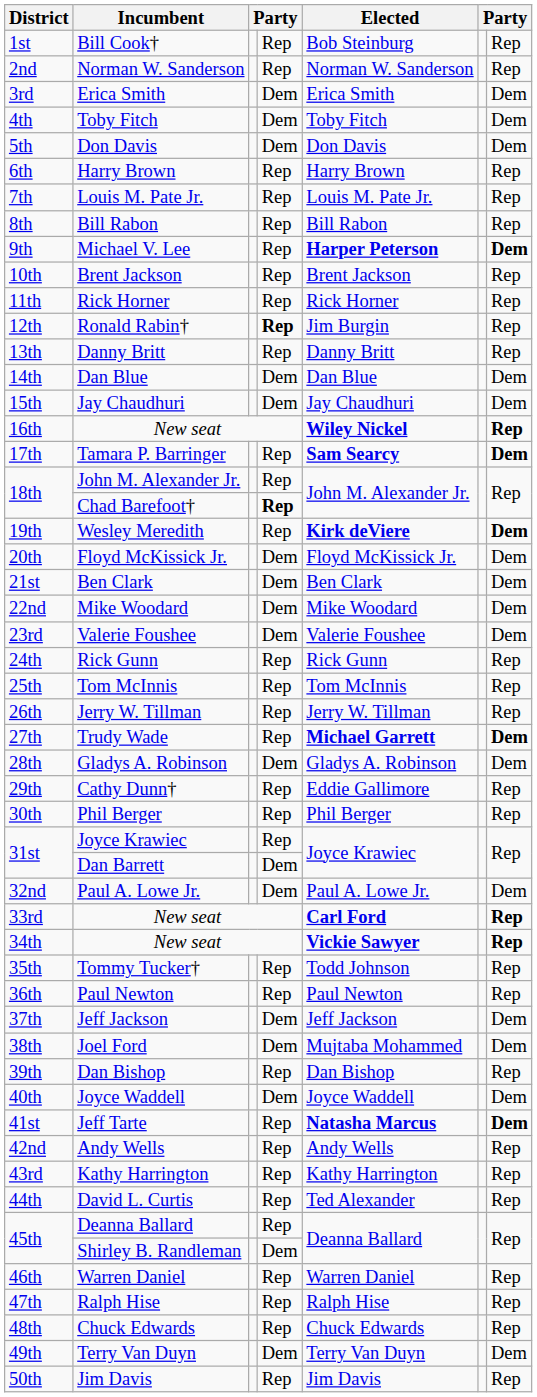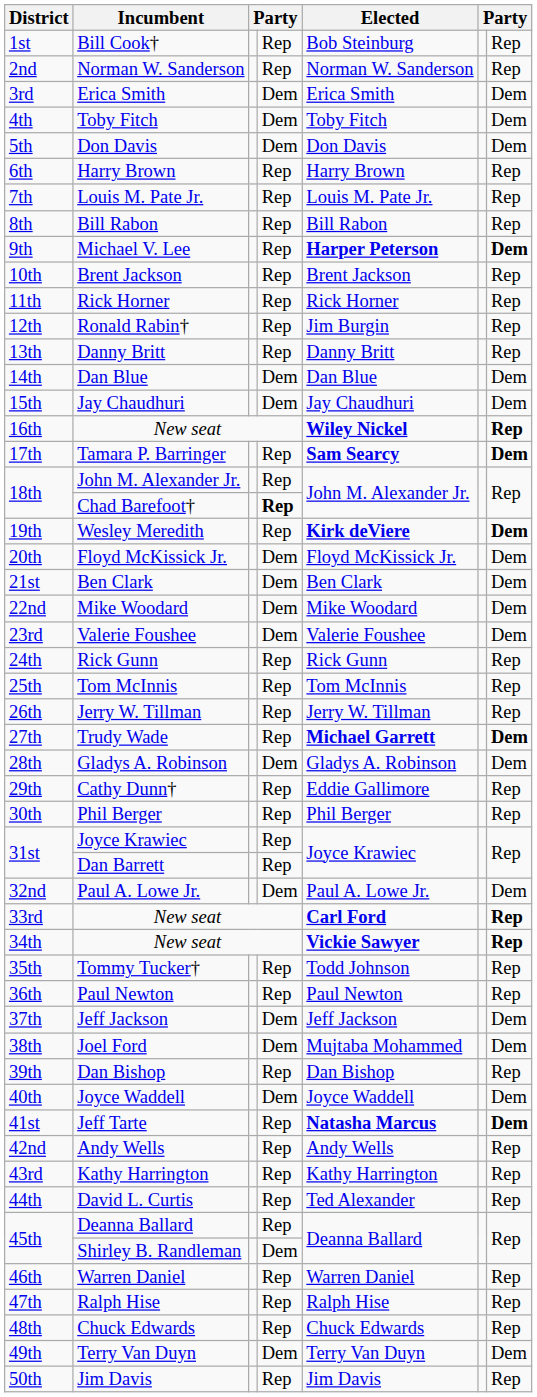 <table class="sortable wikitable" style="font-size:95%;line-height:14px;">
 <tr>
 <th class="unsortable">District</th>
 <th class="unsortable">Incumbent</th>
 <th colspan="2">Party</th>
 <th class="unsortable">Elected</th>
 <th colspan="2">Party</th>
 </tr>
 <tr>
 <td><a href='#'>1st</a></td>
 <td><a href='#'>Bill Cook</a>†</td>
 <td style="background:"></td>
 <td>Rep</td>
 <td><a href='#'>Bob Steinburg</a></td>
 <td style="background:"></td>
 <td>Rep</td>
 </tr>
 <tr>
 <td><a href='#'>2nd</a></td>
 <td><a href='#'>Norman W. Sanderson</a></td>
 <td style="background:"></td>
 <td>Rep</td>
 <td><a href='#'>Norman W. Sanderson</a></td>
 <td style="background:"></td>
 <td>Rep</td>
 </tr>
 <tr>
 <td><a href='#'>3rd</a></td>
 <td><a href='#'>Erica Smith</a></td>
 <td style="background:"></td>
 <td>Dem</td>
 <td><a href='#'>Erica Smith</a></td>
 <td style="background:"></td>
 <td>Dem</td>
 </tr>
 <tr>
 <td><a href='#'>4th</a></td>
 <td><a href='#'>Toby Fitch</a></td>
 <td style="background:"></td>
 <td>Dem</td>
 <td><a href='#'>Toby Fitch</a></td>
 <td style="background:"></td>
 <td>Dem</td>
 </tr>
 <tr>
 <td><a href='#'>5th</a></td>
 <td><a href='#'>Don Davis</a></td>
 <td style="background:"></td>
 <td>Dem</td>
 <td><a href='#'>Don Davis</a></td>
 <td style="background:"></td>
 <td>Dem</td>
 </tr>
 <tr>
 <td><a href='#'>6th</a></td>
 <td><a href='#'>Harry Brown</a></td>
 <td style="background:"></td>
 <td>Rep</td>
 <td><a href='#'>Harry Brown</a></td>
 <td style="background:"></td>
 <td>Rep</td>
 </tr>
 <tr>
 <td><a href='#'>7th</a></td>
 <td><a href='#'>Louis M. Pate Jr.</a></td>
 <td style="background:"></td>
 <td>Rep</td>
 <td><a href='#'>Louis M. Pate Jr.</a></td>
 <td style="background:"></td>
 <td>Rep</td>
 </tr>
 <tr>
 <td><a href='#'>8th</a></td>
 <td><a href='#'>Bill Rabon</a></td>
 <td style="background:"></td>
 <td>Rep</td>
 <td><a href='#'>Bill Rabon</a></td>
 <td style="background:"></td>
 <td>Rep</td>
 </tr>
 <tr>
 <td><a href='#'>9th</a></td>
 <td><a href='#'>Michael V. Lee</a></td>
 <td style="background:"></td>
 <td>Rep</td>
 <td><strong><a href='#'>Harper Peterson</a></strong></td>
 <td style="background:"></td>
 <td><strong>Dem</strong></td>
 </tr>
 <tr>
 <td><a href='#'>10th</a></td>
 <td><a href='#'>Brent Jackson</a></td>
 <td style="background:"></td>
 <td>Rep</td>
 <td><a href='#'>Brent Jackson</a></td>
 <td style="background:"></td>
 <td>Rep</td>
 </tr>
 <tr>
 <td><a href='#'>11th</a></td>
 <td><a href='#'>Rick Horner</a></td>
 <td style="background:"></td>
 <td>Rep</td>
 <td><a href='#'>Rick Horner</a></td>
 <td style="background:"></td>
 <td>Rep</td>
 </tr>
 <tr>
 <td><a href='#'>12th</a></td>
 <td><a href='#'>Ronald Rabin</a>†</td>
 <td style="background:"></td>
-<td><strong>Rep</strong></td>
+<td>Rep</td>
 <td><a href='#'>Jim Burgin</a></td>
 <td style="background:"></td>
 <td>Rep</td>
 </tr>
 <tr>
 <td><a href='#'>13th</a></td>
 <td><a href='#'>Danny Britt</a></td>
 <td style="background:"></td>
 <td>Rep</td>
 <td><a href='#'>Danny Britt</a></td>
 <td style="background:"></td>
 <td>Rep</td>
 </tr>
 <tr>
 <td><a href='#'>14th</a></td>
 <td><a href='#'>Dan Blue</a></td>
 <td style="background:"></td>
 <td>Dem</td>
 <td><a href='#'>Dan Blue</a></td>
 <td style="background:"></td>
 <td>Dem</td>
 </tr>
 <tr>
 <td><a href='#'>15th</a></td>
 <td><a href='#'>Jay Chaudhuri</a></td>
 <td style="background:"></td>
 <td>Dem</td>
 <td><a href='#'>Jay Chaudhuri</a></td>
 <td style="background:"></td>
 <td>Dem</td>
 </tr>
 <tr>
 <td><a href='#'>16th</a></td>
 <td colspan=3 align=center><em>New seat</em></td>
 <td><strong><a href='#'>Wiley Nickel</a></strong></td>
 <td style="background:"></td>
 <td><strong>Rep</strong></td>
 </tr>
 <tr>
 <td><a href='#'>17th</a></td>
 <td><a href='#'>Tamara P. Barringer</a></td>
 <td style="background:"></td>
 <td>Rep</td>
 <td><strong><a href='#'>Sam Searcy</a></strong></td>
 <td style="background:"></td>
 <td><strong>Dem</strong></td>
 </tr>
 <tr>
 <td rowspan=2><a href='#'>18th</a></td>
 <td><a href='#'>John M. Alexander Jr.</a></td>
 <td style="background:"></td>
 <td>Rep</td>
 <td rowspan=2><a href='#'>John M. Alexander Jr.</a></td>
 <td rowspan=2 style="background:"></td>
 <td rowspan=2>Rep</td>
 </tr>
 <tr>
 <td><a href='#'>Chad Barefoot</a>†</td>
 <td style="background:"></td>
 <td><strong>Rep</strong></td>
 </tr>
 <tr>
 <td><a href='#'>19th</a></td>
 <td><a href='#'>Wesley Meredith</a></td>
 <td style="background:"></td>
 <td>Rep</td>
 <td><strong><a href='#'>Kirk deViere</a></strong></td>
 <td style="background:"></td>
 <td><strong>Dem</strong></td>
 </tr>
 <tr>
 <td><a href='#'>20th</a></td>
 <td><a href='#'>Floyd McKissick Jr.</a></td>
 <td style="background:"></td>
 <td>Dem</td>
 <td><a href='#'>Floyd McKissick Jr.</a></td>
 <td style="background:"></td>
 <td>Dem</td>
 </tr>
 <tr>
 <td><a href='#'>21st</a></td>
 <td><a href='#'>Ben Clark</a></td>
 <td style="background:"></td>
 <td>Dem</td>
 <td><a href='#'>Ben Clark</a></td>
 <td style="background:"></td>
 <td>Dem</td>
 </tr>
 <tr>
 <td><a href='#'>22nd</a></td>
 <td><a href='#'>Mike Woodard</a></td>
 <td style="background:"></td>
 <td>Dem</td>
 <td><a href='#'>Mike Woodard</a></td>
 <td style="background:"></td>
 <td>Dem</td>
 </tr>
 <tr>
 <td><a href='#'>23rd</a></td>
 <td><a href='#'>Valerie Foushee</a></td>
 <td style="background:"></td>
 <td>Dem</td>
 <td><a href='#'>Valerie Foushee</a></td>
 <td style="background:"></td>
 <td>Dem</td>
 </tr>
 <tr>
 <td><a href='#'>24th</a></td>
 <td><a href='#'>Rick Gunn</a></td>
 <td style="background:"></td>
 <td>Rep</td>
 <td><a href='#'>Rick Gunn</a></td>
 <td style="background:"></td>
 <td>Rep</td>
 </tr>
 <tr>
 <td><a href='#'>25th</a></td>
 <td><a href='#'>Tom McInnis</a></td>
 <td style="background:"></td>
 <td>Rep</td>
 <td><a href='#'>Tom McInnis</a></td>
 <td style="background:"></td>
 <td>Rep</td>
 </tr>
 <tr>
 <td><a href='#'>26th</a></td>
 <td><a href='#'>Jerry W. Tillman</a></td>
 <td style="background:"></td>
 <td>Rep</td>
 <td><a href='#'>Jerry W. Tillman</a></td>
 <td style="background:"></td>
 <td>Rep</td>
 </tr>
 <tr>
 <td><a href='#'>27th</a></td>
 <td><a href='#'>Trudy Wade</a></td>
 <td style="background:"></td>
 <td>Rep</td>
 <td><strong><a href='#'>Michael Garrett</a></strong></td>
 <td style="background:"></td>
 <td><strong>Dem</strong></td>
 </tr>
 <tr>
 <td><a href='#'>28th</a></td>
 <td><a href='#'>Gladys A. Robinson</a></td>
 <td style="background:"></td>
 <td>Dem</td>
 <td><a href='#'>Gladys A. Robinson</a></td>
 <td style="background:"></td>
 <td>Dem</td>
 </tr>
 <tr>
 <td><a href='#'>29th</a></td>
 <td><a href='#'>Cathy Dunn</a>†</td>
 <td style="background:"></td>
 <td>Rep</td>
 <td><a href='#'>Eddie Gallimore</a></td>
 <td style="background:"></td>
 <td>Rep</td>
 </tr>
 <tr>
 <td><a href='#'>30th</a></td>
 <td><a href='#'>Phil Berger</a></td>
 <td style="background:"></td>
 <td>Rep</td>
 <td><a href='#'>Phil Berger</a></td>
 <td style="background:"></td>
 <td>Rep</td>
 </tr>
 <tr>
 <td rowspan=2><a href='#'>31st</a></td>
 <td><a href='#'>Joyce Krawiec</a></td>
 <td style="background:"></td>
 <td>Rep</td>
 <td rowspan=2><a href='#'>Joyce Krawiec</a></td>
 <td rowspan=2 style="background:"></td>
 <td rowspan=2>Rep</td>
 </tr>
 <tr>
 <td><a href='#'>Dan Barrett</a></td>
 <td style="background:"></td>
-<td>Dem</td>
+<td>Rep</td>
 </tr>
 <tr>
 <td><a href='#'>32nd</a></td>
 <td><a href='#'>Paul A. Lowe Jr.</a></td>
 <td style="background:"></td>
 <td>Dem</td>
 <td><a href='#'>Paul A. Lowe Jr.</a></td>
 <td style="background:"></td>
 <td>Dem</td>
 </tr>
 <tr>
 <td><a href='#'>33rd</a></td>
 <td colspan=3 align=center><em>New seat</em></td>
 <td><strong><a href='#'>Carl Ford</a></strong></td>
 <td style="background:"></td>
 <td><strong>Rep</strong></td>
 </tr>
 <tr>
 <td><a href='#'>34th</a></td>
 <td colspan=3 align=center><em>New seat</em></td>
 <td><strong><a href='#'>Vickie Sawyer</a></strong></td>
 <td style="background:"></td>
 <td><strong>Rep</strong></td>
 </tr>
 <tr>
 <td><a href='#'>35th</a></td>
 <td><a href='#'>Tommy Tucker</a>†</td>
 <td style="background:"></td>
 <td>Rep</td>
 <td><a href='#'>Todd Johnson</a></td>
 <td style="background:"></td>
 <td>Rep</td>
 </tr>
 <tr>
 <td><a href='#'>36th</a></td>
 <td><a href='#'>Paul Newton</a></td>
 <td style="background:"></td>
 <td>Rep</td>
 <td><a href='#'>Paul Newton</a></td>
 <td style="background:"></td>
 <td>Rep</td>
 </tr>
 <tr>
 <td><a href='#'>37th</a></td>
 <td><a href='#'>Jeff Jackson</a></td>
 <td style="background:"></td>
 <td>Dem</td>
 <td><a href='#'>Jeff Jackson</a></td>
 <td style="background:"></td>
 <td>Dem</td>
 </tr>
 <tr>
 <td><a href='#'>38th</a></td>
 <td><a href='#'>Joel Ford</a></td>
 <td style="background:"></td>
 <td>Dem</td>
 <td><a href='#'>Mujtaba Mohammed</a></td>
 <td style="background:"></td>
 <td>Dem</td>
 </tr>
 <tr>
 <td><a href='#'>39th</a></td>
 <td><a href='#'>Dan Bishop</a></td>
 <td style="background:"></td>
 <td>Rep</td>
 <td><a href='#'>Dan Bishop</a></td>
 <td style="background:"></td>
 <td>Rep</td>
 </tr>
 <tr>
 <td><a href='#'>40th</a></td>
 <td><a href='#'>Joyce Waddell</a></td>
 <td style="background:"></td>
 <td>Dem</td>
 <td><a href='#'>Joyce Waddell</a></td>
 <td style="background:"></td>
 <td>Dem</td>
 </tr>
 <tr>
 <td><a href='#'>41st</a></td>
 <td><a href='#'>Jeff Tarte</a></td>
 <td style="background:"></td>
 <td>Rep</td>
 <td><strong><a href='#'>Natasha Marcus</a></strong></td>
 <td style="background:"></td>
 <td><strong>Dem</strong></td>
 </tr>
 <tr>
 <td><a href='#'>42nd</a></td>
 <td><a href='#'>Andy Wells</a></td>
 <td style="background:"></td>
 <td>Rep</td>
 <td><a href='#'>Andy Wells</a></td>
 <td style="background:"></td>
 <td>Rep</td>
 </tr>
 <tr>
 <td><a href='#'>43rd</a></td>
 <td><a href='#'>Kathy Harrington</a></td>
 <td style="background:"></td>
 <td>Rep</td>
 <td><a href='#'>Kathy Harrington</a></td>
 <td style="background:"></td>
 <td>Rep</td>
 </tr>
 <tr>
 <td><a href='#'>44th</a></td>
 <td><a href='#'>David L. Curtis</a></td>
 <td style="background:"></td>
 <td>Rep</td>
 <td><a href='#'>Ted Alexander</a></td>
 <td style="background:"></td>
 <td>Rep</td>
 </tr>
 <tr>
 <td rowspan=2><a href='#'>45th</a></td>
 <td><a href='#'>Deanna Ballard</a></td>
 <td style="background:"></td>
 <td>Rep</td>
 <td rowspan=2><a href='#'>Deanna Ballard</a></td>
 <td rowspan=2 style="background:"></td>
 <td rowspan=2>Rep</td>
 </tr>
 <tr>
 <td><a href='#'>Shirley B. Randleman</a></td>
 <td style="background:"></td>
 <td>Dem</td>
 </tr>
 <tr>
 <td><a href='#'>46th</a></td>
 <td><a href='#'>Warren Daniel</a></td>
 <td style="background:"></td>
 <td>Rep</td>
 <td><a href='#'>Warren Daniel</a></td>
 <td style="background:"></td>
 <td>Rep</td>
 </tr>
 <tr>
 <td><a href='#'>47th</a></td>
 <td><a href='#'>Ralph Hise</a></td>
 <td style="background:"></td>
 <td>Rep</td>
 <td><a href='#'>Ralph Hise</a></td>
 <td style="background:"></td>
 <td>Rep</td>
 </tr>
 <tr>
 <td><a href='#'>48th</a></td>
 <td><a href='#'>Chuck Edwards</a></td>
 <td style="background:"></td>
 <td>Rep</td>
 <td><a href='#'>Chuck Edwards</a></td>
 <td style="background:"></td>
 <td>Rep</td>
 </tr>
 <tr>
 <td><a href='#'>49th</a></td>
 <td><a href='#'>Terry Van Duyn</a></td>
 <td style="background:"></td>
 <td>Dem</td>
 <td><a href='#'>Terry Van Duyn</a></td>
 <td style="background:"></td>
 <td>Dem</td>
 </tr>
 <tr>
 <td><a href='#'>50th</a></td>
 <td><a href='#'>Jim Davis</a></td>
 <td style="background:"></td>
 <td>Rep</td>
 <td><a href='#'>Jim Davis</a></td>
 <td style="background:"></td>
 <td>Rep</td>
 </tr>
 </table>
